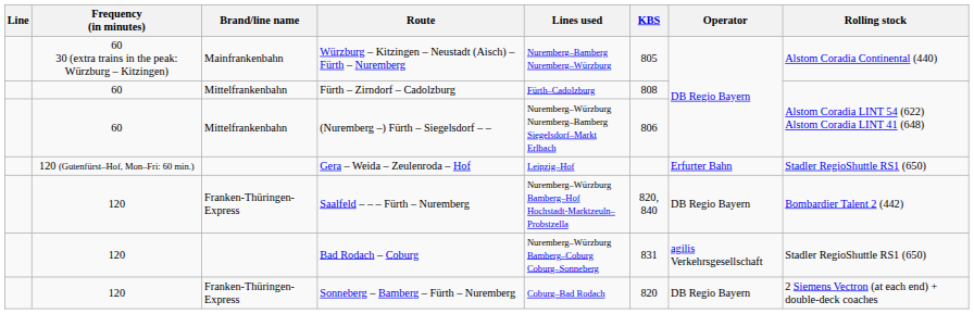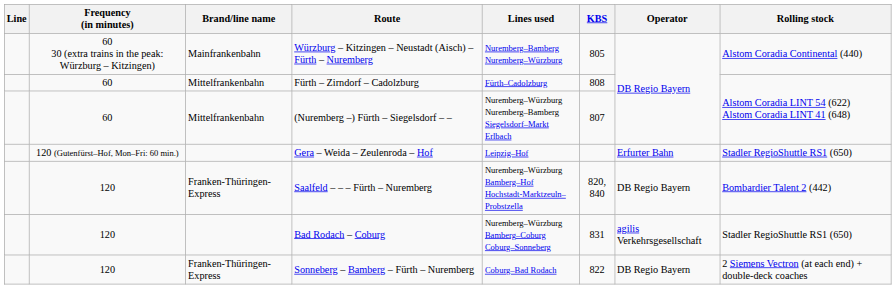 <table class="wikitable sortable" style="font-size:90%">
 <tr>
 <th>Line</th>
 <th>Frequency<br>(in minutes)</th>
 <th>Brand/line name</th>
 <th class="unsortable">Route</th>
 <th class="unsortable">Lines used</th>
 <th><a href='#'>KBS</a></th>
 <th>Operator</th>
 <th>Rolling stock</th>
 </tr>
 <tr id="RE 10">
 <td align="center"></td>
 <td align="center">60<br>30 (extra trains in the peak: Würzburg – Kitzingen)</td>
 <td>Mainfrankenbahn</td>
 <td><a href='#'>Würzburg</a> – Kitzingen – Neustadt (Aisch) – <a href='#'>Fürth</a> – <a href='#'>Nuremberg</a></td>
 <td><small><a href='#'>Nuremberg–Bamberg</a><br><a href='#'>Nuremberg–Würzburg</a></small></td>
 <td align="center">805</td>
 <td rowspan="3"><a href='#'>DB Regio Bayern</a></td>
 <td><a href='#'>Alstom Coradia Continental</a> (440)</td>
 </tr>
 <tr id="RB 11">
 <td align="center"></td>
 <td align="center">60</td>
 <td>Mittelfrankenbahn</td>
 <td>Fürth – Zirndorf – Cadolzburg</td>
 <td><a href='#'><small>Fürth–Cadolzburg</small></a></td>
 <td align="center">808</td>
 <td rowspan="2"><a href='#'>Alstom Coradia LINT 54</a> (622)<br><a href='#'>Alstom Coradia LINT 41</a> (648)</td>
 </tr>
 <tr id="RB 12">
 <td align="center"></td>
 <td align="center">60</td>
 <td>Mittelfrankenbahn</td>
 <td>(Nuremberg –) Fürth – Siegelsdorf –  – </td>
 <td><small>Nuremberg–Würzburg<br>Nuremberg–Bamberg<br><a href='#'>Siegelsdorf–Markt Erlbach</a></small></td>
-<td align="center">806</td>
+<td align="center">807</td>
 </tr>
 <tr id="RB 13 (TH)">
 <td align="center"></td>
 <td align="center">120 <small>(Gutenfürst–Hof, Mon–Fri: 60 min.)</small></td>
 <td></td>
 <td><a href='#'>Gera</a> – Weida – Zeulenroda – <a href='#'>Hof</a></td>
 <td><a href='#'><small>Leipzig–Hof</small></a></td>
 <td align="center"></td>
 <td><a href='#'>Erfurter Bahn</a></td>
 <td><a href='#'>Stadler RegioShuttle RS1</a> (650)</td>
 </tr>
 <tr id="RE 14">
 <td align="center"></td>
 <td align="center">120</td>
 <td>Franken-Thüringen-Express</td>
 <td><a href='#'>Saalfeld</a> –  –  – Fürth – Nuremberg</td>
 <td><small>Nuremberg–Würzburg<br><a href='#'>Bamberg–Hof</a><br><a href='#'>Hochstadt-Marktzeuln–Probstzella</a></small></td>
 <td align="center">820, 840</td>
 <td>DB Regio Bayern</td>
 <td><a href='#'>Bombardier Talent 2</a> (442)</td>
 </tr>
 <tr id="RB 18">
 <td align="center"></td>
 <td align="center">120</td>
 <td></td>
 <td><a href='#'>Bad Rodach</a> – <a href='#'>Coburg</a></td>
 <td><small>Nuremberg–Würzburg<br><a href='#'>Bamberg–Coburg</a><br><a href='#'>Coburg–Sonneberg</a></small></td>
 <td align="center">831</td>
 <td><a href='#'>agilis</a> Verkehrsgesellschaft</td>
 <td>Stadler RegioShuttle RS1 (650)</td>
 </tr>
 <tr id="RE 19">
 <td align="center"></td>
 <td align="center">120</td>
 <td>Franken-Thüringen-Express</td>
 <td><a href='#'>Sonneberg</a> – <a href='#'>Bamberg</a> – Fürth – Nuremberg</td>
 <td><small><a href='#'>Coburg–Bad Rodach</a></small></td>
-<td align="center">820</td>
+<td align="center">822</td>
 <td>DB Regio Bayern</td>
 <td>2 <a href='#'>Siemens Vectron</a> (at each end) + double-deck coaches</td>
 </tr>
 </table>
